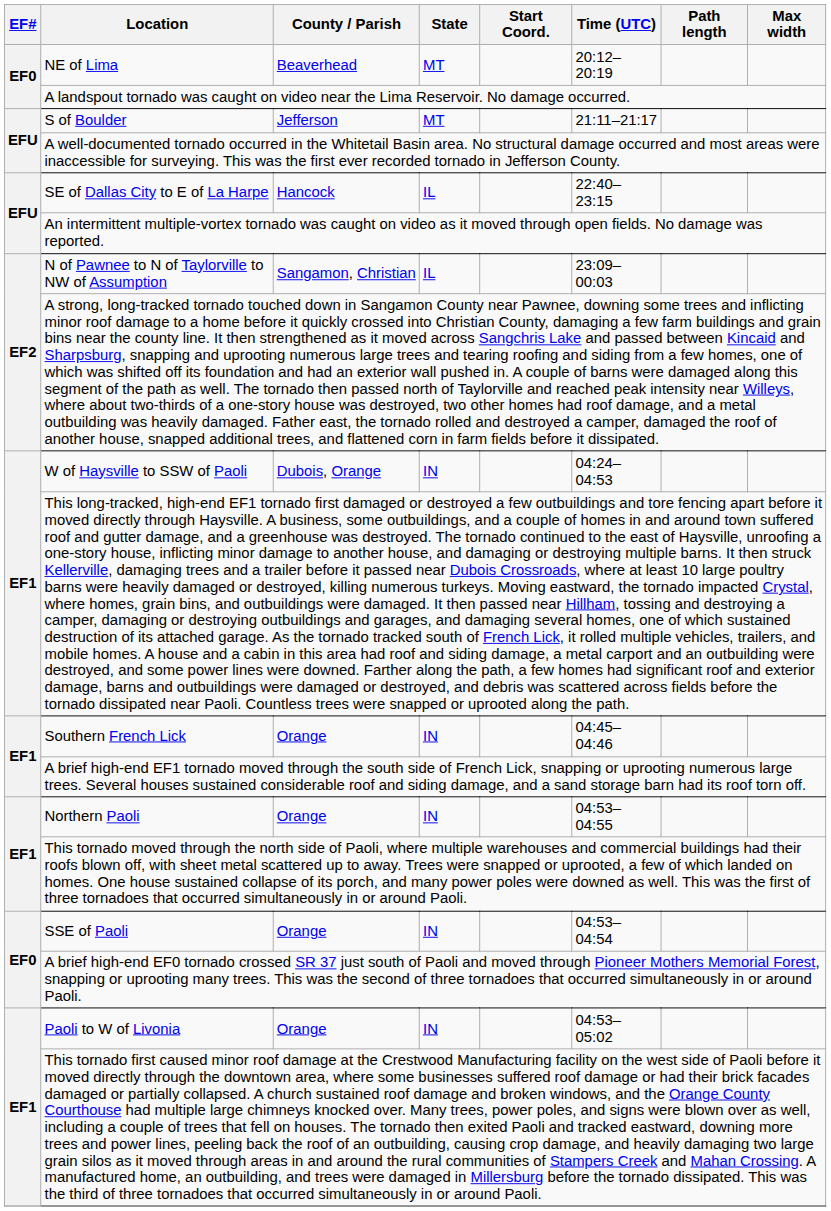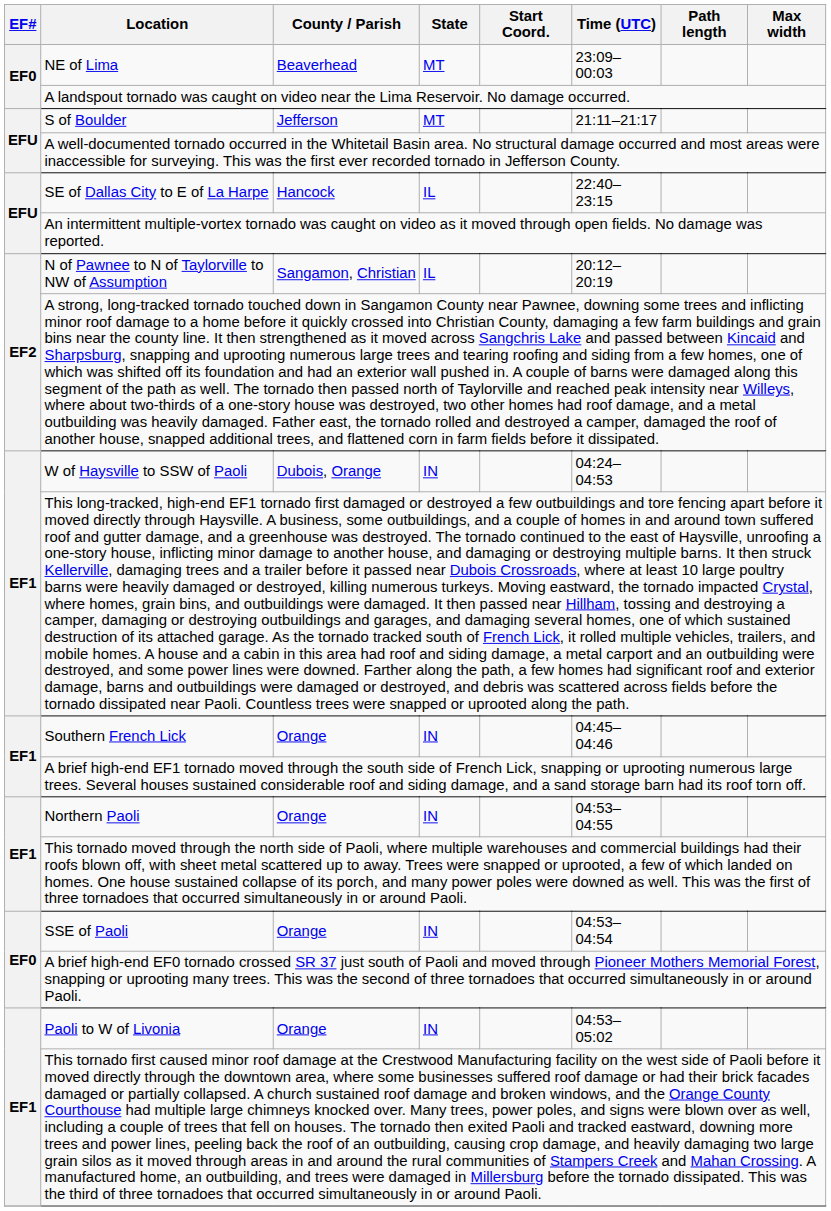 <table class="wikitable sortable" style="width:100%;">
 <tr>
 <th scope="col" width="2%" align="center"><a href='#'>EF#</a></th>
 <th scope="col" align="center" class="unsortable">Location</th>
 <th scope="col" align="center" class="unsortable">County / Parish</th>
 <th scope="col" align="center">State</th>
 <th scope="col" align="center">Start Coord.</th>
 <th scope="col" align="center">Time (<a href='#'>UTC</a>)</th>
 <th scope="col" align="center">Path length</th>
 <th scope="col" align="center">Max width</th>
 </tr>
 <tr>
 <th scope="row" rowspan="2" style="background-color:#">EF0</th>
 <td>NE of <a href='#'>Lima</a></td>
 <td><a href='#'>Beaverhead</a></td>
 <td><a href='#'>MT</a></td>
 <td></td>
-<td>20:12–20:19</td>
+<td>23:09–00:03</td>
 <td></td>
 <td></td>
 </tr>
 <tr class="expand-child">
 <td colspan="8" style=" border-bottom: 1px solid black;">A landspout tornado was caught on video near the Lima Reservoir. No damage occurred.</td>
 </tr>
 <tr>
 <th scope="row" rowspan="2" style="background-color:#">EFU</th>
 <td>S of <a href='#'>Boulder</a></td>
 <td><a href='#'>Jefferson</a></td>
 <td><a href='#'>MT</a></td>
 <td></td>
 <td>21:11–21:17</td>
 <td></td>
 <td></td>
 </tr>
 <tr class="expand-child">
 <td colspan="8" style=" border-bottom: 1px solid black;">A well-documented tornado occurred in the Whitetail Basin area. No structural damage occurred and most areas were inaccessible for surveying. This was the first ever recorded tornado in Jefferson County.</td>
 </tr>
 <tr>
 <th scope="row" rowspan="2" style="background-color:#">EFU</th>
 <td>SE of <a href='#'>Dallas City</a> to E of <a href='#'>La Harpe</a></td>
 <td><a href='#'>Hancock</a></td>
 <td><a href='#'>IL</a></td>
 <td></td>
 <td>22:40–23:15</td>
 <td></td>
 <td></td>
 </tr>
 <tr class="expand-child">
 <td colspan="8" style=" border-bottom: 1px solid black;">An intermittent multiple-vortex tornado was caught on video as it moved through open fields. No damage was reported.</td>
 </tr>
 <tr>
 <th scope="row" rowspan="2" style="background-color:#">EF2</th>
 <td>N of <a href='#'>Pawnee</a> to N of <a href='#'>Taylorville</a> to NW of <a href='#'>Assumption</a></td>
 <td><a href='#'>Sangamon</a>, <a href='#'>Christian</a></td>
 <td><a href='#'>IL</a></td>
 <td></td>
-<td>23:09–00:03</td>
+<td>20:12–20:19</td>
 <td></td>
 <td></td>
 </tr>
 <tr class="expand-child">
 <td colspan="8" style=" border-bottom: 1px solid black;">A strong, long-tracked tornado touched down in Sangamon County near Pawnee, downing some trees and inflicting minor roof damage to a home before it quickly crossed into Christian County, damaging a few farm buildings and grain bins near the county line. It then strengthened as it moved across <a href='#'>Sangchris Lake</a> and passed between <a href='#'>Kincaid</a> and <a href='#'>Sharpsburg</a>, snapping and uprooting numerous large trees and tearing roofing and siding from a few homes, one of which was shifted off its foundation and had an exterior wall pushed in. A couple of barns were damaged along this segment of the path as well. The tornado then passed north of Taylorville and reached peak intensity near <a href='#'>Willeys</a>, where about two-thirds of a one-story house was destroyed, two other homes had roof damage, and a metal outbuilding was heavily damaged. Father east, the tornado rolled and destroyed a camper, damaged the roof of another house, snapped additional trees, and flattened corn in farm fields before it dissipated. </td>
 </tr>
 <tr>
 <th scope="row" rowspan="2" style="background-color:#">EF1</th>
 <td>W of <a href='#'>Haysville</a> to SSW of <a href='#'>Paoli</a></td>
 <td><a href='#'>Dubois</a>, <a href='#'>Orange</a></td>
 <td><a href='#'>IN</a></td>
 <td></td>
 <td>04:24–04:53</td>
 <td></td>
 <td></td>
 </tr>
 <tr class="expand-child">
 <td colspan="8" style=" border-bottom: 1px solid black;">This long-tracked, high-end EF1 tornado first damaged or destroyed a few outbuildings and tore fencing apart before it moved directly through Haysville. A business, some outbuildings, and a couple of homes in and around town suffered roof and gutter damage, and a greenhouse was destroyed. The tornado continued to the east of Haysville, unroofing a one-story house, inflicting minor damage to another house, and damaging or destroying multiple barns. It then struck <a href='#'>Kellerville</a>, damaging trees and a trailer before it passed near <a href='#'>Dubois Crossroads</a>, where at least 10 large poultry barns were heavily damaged or destroyed, killing numerous turkeys. Moving eastward, the tornado impacted <a href='#'>Crystal</a>, where homes, grain bins, and outbuildings were damaged. It then passed near <a href='#'>Hillham</a>, tossing and destroying a camper, damaging or destroying outbuildings and garages, and damaging several homes, one of which sustained destruction of its attached garage. As the tornado tracked south of <a href='#'>French Lick</a>, it rolled multiple vehicles, trailers, and mobile homes. A house and a cabin in this area had roof and siding damage, a metal carport and an outbuilding were destroyed, and some power lines were downed. Farther along the path, a few homes had significant roof and exterior damage, barns and outbuildings were damaged or destroyed, and debris was scattered across fields before the tornado dissipated near Paoli. Countless trees were snapped or uprooted along the path.</td>
 </tr>
 <tr>
 <th scope="row" rowspan="2" style="background-color:#">EF1</th>
 <td>Southern <a href='#'>French Lick</a></td>
 <td><a href='#'>Orange</a></td>
 <td><a href='#'>IN</a></td>
 <td></td>
 <td>04:45–04:46</td>
 <td></td>
 <td></td>
 </tr>
 <tr class="expand-child">
 <td colspan="8" style=" border-bottom: 1px solid black;">A brief high-end EF1 tornado moved through the south side of French Lick, snapping or uprooting numerous large trees. Several houses sustained considerable roof and siding damage, and a sand storage barn had its roof torn off.</td>
 </tr>
 <tr>
 <th scope="row" rowspan="2" style="background-color:#">EF1</th>
 <td>Northern <a href='#'>Paoli</a></td>
 <td><a href='#'>Orange</a></td>
 <td><a href='#'>IN</a></td>
 <td></td>
 <td>04:53–04:55</td>
 <td></td>
 <td></td>
 </tr>
 <tr class="expand-child">
 <td colspan="8" style=" border-bottom: 1px solid black;">This tornado moved through the north side of Paoli, where multiple warehouses and commercial buildings had their roofs blown off, with sheet metal scattered up to  away. Trees were snapped or uprooted, a few of which landed on homes. One house sustained collapse of its porch, and many power poles were downed as well. This was the first of three tornadoes that occurred simultaneously in or around Paoli.</td>
 </tr>
 <tr>
 <th scope="row" rowspan="2" style="background-color:#">EF0</th>
 <td>SSE of <a href='#'>Paoli</a></td>
 <td><a href='#'>Orange</a></td>
 <td><a href='#'>IN</a></td>
 <td></td>
 <td>04:53–04:54</td>
 <td></td>
 <td></td>
 </tr>
 <tr class="expand-child">
 <td colspan="8" style=" border-bottom: 1px solid black;">A brief high-end EF0 tornado crossed <a href='#'>SR 37</a> just south of Paoli and moved through <a href='#'>Pioneer Mothers Memorial Forest</a>, snapping or uprooting many trees. This was the second of three tornadoes that occurred simultaneously in or around Paoli.</td>
 </tr>
 <tr>
 <th scope="row" rowspan="2" style="background-color:#">EF1</th>
 <td><a href='#'>Paoli</a> to W of <a href='#'>Livonia</a></td>
 <td><a href='#'>Orange</a></td>
 <td><a href='#'>IN</a></td>
 <td></td>
 <td>04:53–05:02</td>
 <td></td>
 <td></td>
 </tr>
 <tr class="expand-child">
 <td colspan="8" style=" border-bottom: 1px solid black;">This tornado first caused minor roof damage at the Crestwood Manufacturing facility on the west side of Paoli before it moved directly through the downtown area, where some businesses suffered roof damage or had their brick facades damaged or partially collapsed. A church sustained roof damage and broken windows, and the <a href='#'>Orange County Courthouse</a> had multiple large chimneys knocked over. Many trees, power poles, and signs were blown over as well, including a couple of trees that fell on houses. The tornado then exited Paoli and tracked eastward, downing more trees and power lines, peeling back the roof of an outbuilding, causing crop damage, and heavily damaging two large grain silos as it moved through areas in and around the rural communities of <a href='#'>Stampers Creek</a> and <a href='#'>Mahan Crossing</a>. A manufactured home, an outbuilding, and trees were damaged in <a href='#'>Millersburg</a> before the tornado dissipated. This was the third of three tornadoes that occurred simultaneously in or around Paoli.</td>
 </tr>
 <tr>
 </tr>
 </table>
